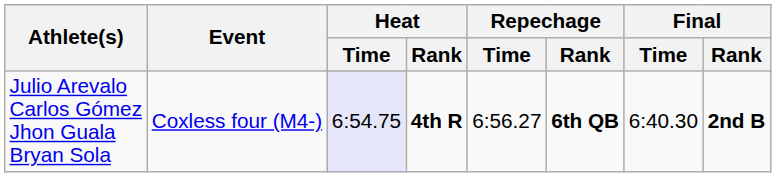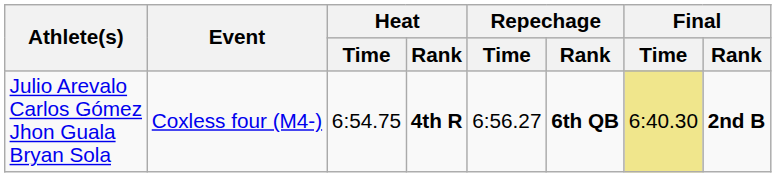 <table class="wikitable" style="font-size:90%">
 <tr>
 <th rowspan="2">Athlete(s)</th>
 <th rowspan="2">Event</th>
 <th colspan="2">Heat</th>
 <th colspan="2">Repechage</th>
 <th colspan="2">Final</th>
 </tr>
 <tr>
 <th>Time</th>
 <th>Rank</th>
 <th>Time</th>
 <th>Rank</th>
 <th>Time</th>
 <th>Rank</th>
 </tr>
 <tr>
 <td><a href='#'>Julio Arevalo</a><br><a href='#'>Carlos Gómez</a><br><a href='#'>Jhon Guala</a><br><a href='#'>Bryan Sola</a></td>
 <td><a href='#'>Coxless four (M4-)</a></td>
-<td align=center style="background: lavender;">6:54.75</td>
+<td align=center>6:54.75</td>
 <td align=center><strong>4th R</strong></td>
 <td align=center>6:56.27</td>
 <td align=center><strong>6th QB</strong></td>
-<td align=center>6:40.30</td>
+<td align=center style="background: khaki;">6:40.30</td>
 <td align=center><strong>2nd B</strong></td>
 </tr>
 </table>
